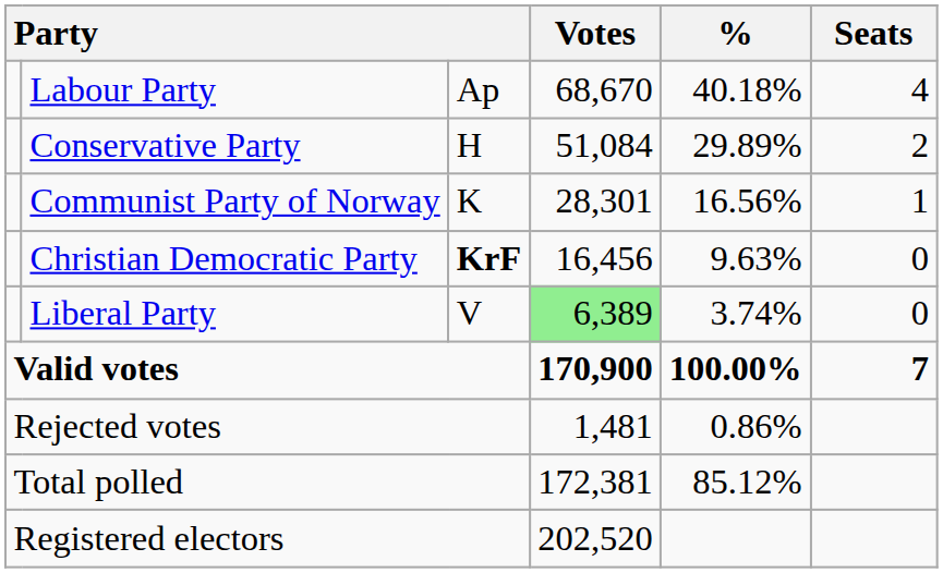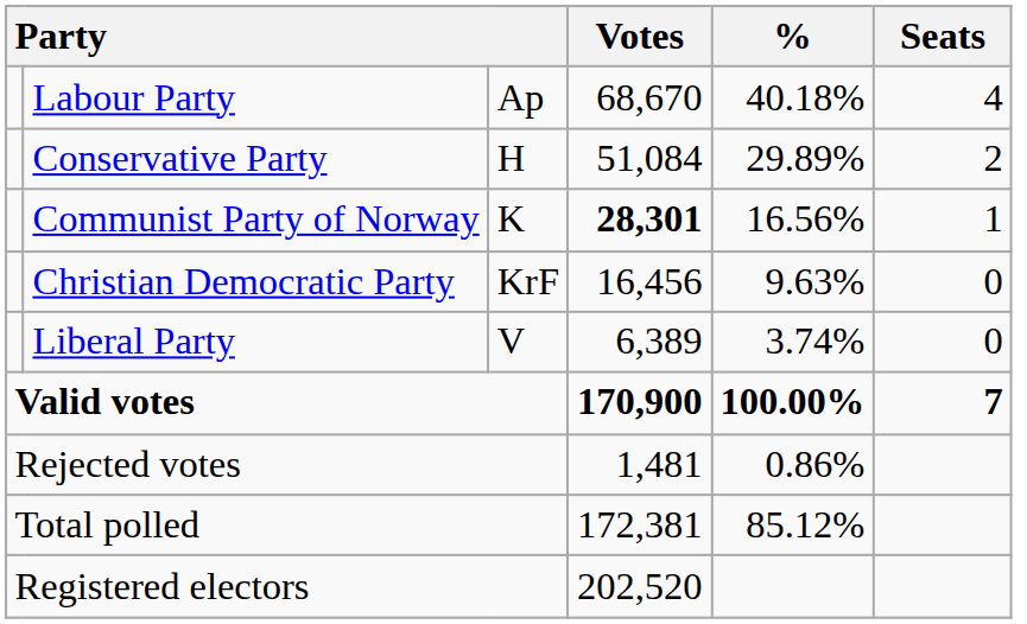 <table class="wikitable" border="1" style="text-align:right;">
 <tr>
 <th style="text-align:left;" colspan=3>Party</th>
 <th align=center width="50">Votes</th>
 <th align=center width="50">%</th>
 <th align=center width="50">Seats</th>
 </tr>
 <tr>
 <td style="color:inherit;background:"></td>
 <td align=left><a href='#'>Labour Party</a></td>
 <td align=left>Ap</td>
 <td>68,670</td>
 <td>40.18%</td>
 <td>4</td>
 </tr>
 <tr>
 <td style="color:inherit;background:"></td>
 <td align=left><a href='#'>Conservative Party</a></td>
 <td align=left>H</td>
 <td>51,084</td>
 <td>29.89%</td>
 <td>2</td>
 </tr>
 <tr>
 <td style="color:inherit;background:"></td>
 <td align=left><a href='#'>Communist Party of Norway</a></td>
 <td align=left>K</td>
-<td>28,301</td>
+<td><strong>28,301</strong></td>
 <td>16.56%</td>
 <td>1</td>
 </tr>
 <tr>
 <td style="color:inherit;background:"></td>
 <td align=left><a href='#'>Christian Democratic Party</a></td>
-<td align=left><strong>KrF</strong></td>
+<td align=left>KrF</td>
 <td>16,456</td>
 <td>9.63%</td>
 <td>0</td>
 </tr>
 <tr>
 <td style="color:inherit;background:"></td>
 <td align=left><a href='#'>Liberal Party</a></td>
 <td align=left>V</td>
-<td style="background: lightgreen;">6,389</td>
+<td>6,389</td>
 <td>3.74%</td>
 <td>0</td>
 </tr>
 <tr style="font-weight:bold">
 <td align=left colspan=3>Valid votes</td>
 <td>170,900</td>
 <td>100.00%</td>
 <td>7</td>
 </tr>
 <tr>
 <td align=left colspan=3>Rejected votes</td>
 <td>1,481</td>
 <td>0.86%</td>
 <td></td>
 </tr>
 <tr>
 <td align=left colspan=3>Total polled</td>
 <td>172,381</td>
 <td>85.12%</td>
 <td></td>
 </tr>
 <tr>
 <td align=left colspan=3>Registered electors</td>
 <td>202,520</td>
 <td></td>
 <td></td>
 </tr>
 </table>
